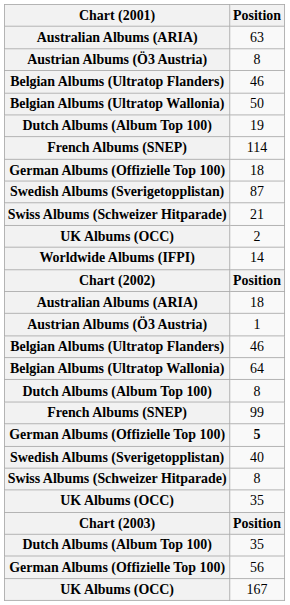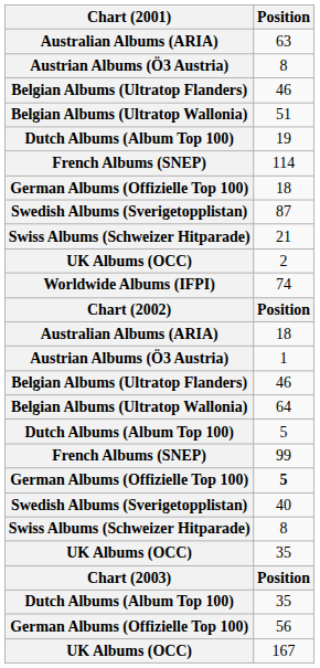 <table class="wikitable plainrowheaders" style="text-align:center;">
 <tr>
 <th scope="col">Chart (2001)</th>
 <th scope="col">Position</th>
 </tr>
 <tr>
 <th scope="row">Australian Albums (ARIA)</th>
 <td>63</td>
 </tr>
 <tr>
 <th scope="row">Austrian Albums (Ö3 Austria)</th>
 <td>8</td>
 </tr>
 <tr>
 <th scope="row">Belgian Albums (Ultratop Flanders)</th>
 <td>46</td>
 </tr>
 <tr>
 <th scope="row">Belgian Albums (Ultratop Wallonia)</th>
-<td>50</td>
+<td>51</td>
 </tr>
 <tr>
 <th scope="row">Dutch Albums (Album Top 100)</th>
 <td>19</td>
 </tr>
 <tr>
 <th scope="row">French Albums (SNEP)</th>
 <td>114</td>
 </tr>
 <tr>
 <th scope="row">German Albums (Offizielle Top 100)</th>
 <td>18</td>
 </tr>
 <tr>
 <th scope="row">Swedish Albums (Sverigetopplistan)</th>
 <td>87</td>
 </tr>
 <tr>
 <th scope="row">Swiss Albums (Schweizer Hitparade)</th>
 <td>21</td>
 </tr>
 <tr>
 <th scope="row">UK Albums (OCC)</th>
 <td>2</td>
 </tr>
 <tr>
 <th scope="row">Worldwide Albums (IFPI)</th>
-<td>14</td>
+<td>74</td>
 </tr>
 <tr>
 <th scope="col">Chart (2002)</th>
 <th scope="col">Position</th>
 </tr>
 <tr>
 <th scope="row">Australian Albums (ARIA)</th>
 <td>18</td>
 </tr>
 <tr>
 <th scope="row">Austrian Albums (Ö3 Austria)</th>
 <td>1</td>
 </tr>
 <tr>
 <th scope="row">Belgian Albums (Ultratop Flanders)</th>
 <td>46</td>
 </tr>
 <tr>
 <th scope="row">Belgian Albums (Ultratop Wallonia)</th>
 <td>64</td>
 </tr>
 <tr>
 <th scope="row">Dutch Albums (Album Top 100)</th>
-<td>8</td>
+<td>5</td>
 </tr>
 <tr>
 <th scope="row">French Albums (SNEP)</th>
 <td>99</td>
 </tr>
 <tr>
 <th scope="row">German Albums (Offizielle Top 100)</th>
 <td><strong>5</strong></td>
 </tr>
 <tr>
 <th scope="row">Swedish Albums (Sverigetopplistan)</th>
 <td>40</td>
 </tr>
 <tr>
 <th scope="row">Swiss Albums (Schweizer Hitparade)</th>
 <td>8</td>
 </tr>
 <tr>
 <th scope="row">UK Albums (OCC)</th>
 <td>35</td>
 </tr>
 <tr>
 <th scope="col">Chart (2003)</th>
 <th scope="col">Position</th>
 </tr>
 <tr>
 <th scope="row">Dutch Albums (Album Top 100)</th>
 <td>35</td>
 </tr>
 <tr>
 <th scope="row">German Albums (Offizielle Top 100)</th>
 <td>56</td>
 </tr>
 <tr>
 <th scope="row">UK Albums (OCC)</th>
 <td>167</td>
 </tr>
 </table>
